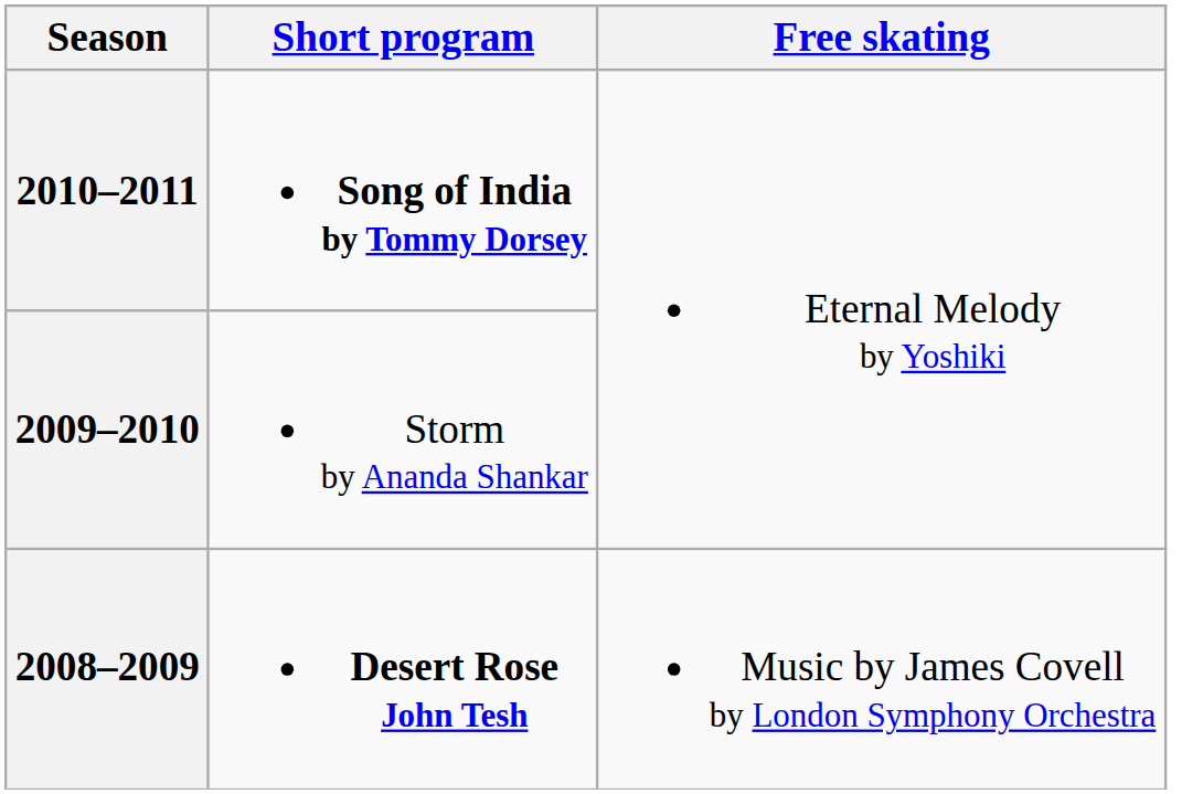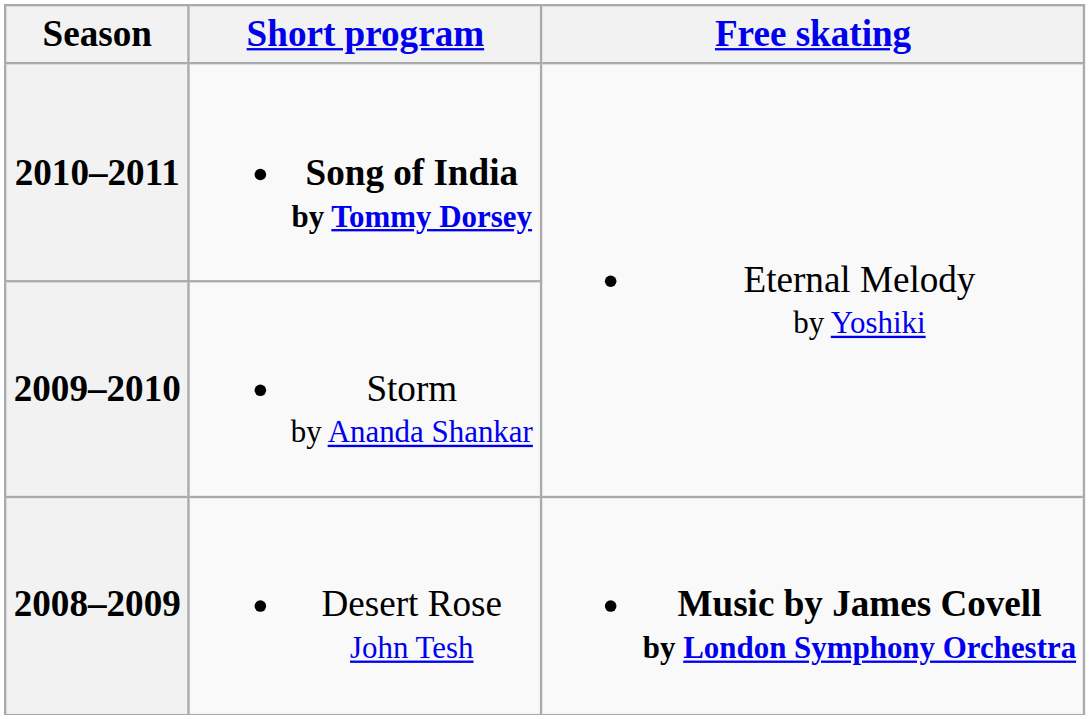 <table class=wikitable style=text-align:center>
 <tr>
 <th>Season</th>
 <th><a href='#'>Short program</a></th>
 <th><a href='#'>Free skating</a></th>
 </tr>
 <tr>
 <th>2010–2011 <br> </th>
 <td><strong><br><ul><li>Song of India <br><small> by <a href='#'>Tommy Dorsey</a> </small></li></ul></strong></td>
 <td rowspan=2><br><ul><li>Eternal Melody <br><small> by <a href='#'>Yoshiki</a> </small></li></ul></td>
 </tr>
 <tr>
 <th>2009–2010 <br> </th>
 <td><br><ul><li>Storm <br><small> by <a href='#'>Ananda Shankar</a> </small></li></ul></td>
 </tr>
 <tr>
 <th>2008–2009 <br> </th>
-<td><strong><br><ul><li>Desert Rose <br><small> <a href='#'>John Tesh</a> </small></li></ul></strong></td>
-<td><br><ul><li>Music by James Covell <br><small> by <a href='#'>London Symphony Orchestra</a> </small></li></ul></td>
+<td><br><ul><li>Desert Rose <br><small> <a href='#'>John Tesh</a> </small></li></ul></td>
+<td><strong><br><ul><li>Music by James Covell <br><small> by <a href='#'>London Symphony Orchestra</a> </small></li></ul></strong></td>
 </tr>
 </table>
